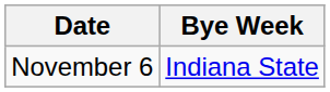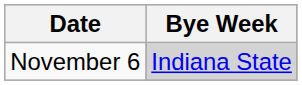 <table class="wikitable" style="font-size:95%;">
 <tr>
 <th>Date</th>
 <th>Bye Week</th>
 </tr>
 <tr>
 <td>November 6</td>
-<td><a href='#'>Indiana State</a></td>
+<td style="background: lightgrey;"><a href='#'>Indiana State</a></td>
 </tr>
 </table>
